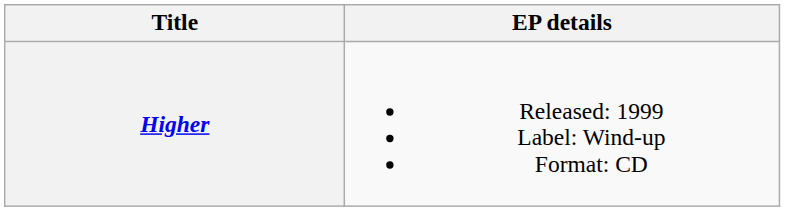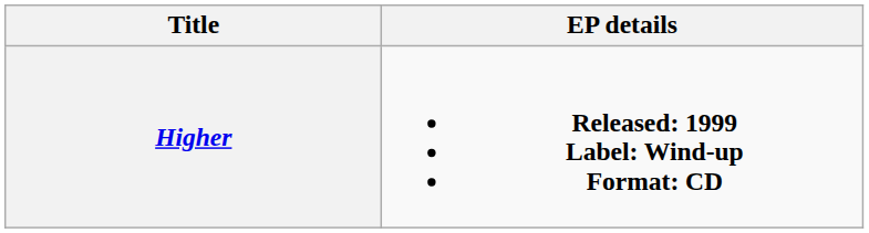 <table class="wikitable plainrowheaders" style="text-align:center;">
 <tr>
 <th scope="col" style="width:14em;">Title</th>
 <th scope="col" style="width:18em;">EP details</th>
 </tr>
 <tr>
 <th scope="row"><em><a href='#'>Higher</a></em></th>
-<td><br><ul><li>Released: 1999</li><li>Label: Wind-up</li><li>Format: CD</li></ul></td>
+<td><strong><br><ul><li>Released: 1999</li><li>Label: Wind-up</li><li>Format: CD</li></ul></strong></td>
 </tr>
 </table>
